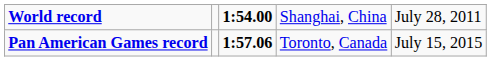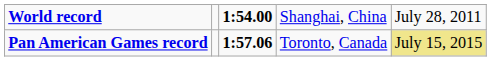 <table class="wikitable">
 <tr>
 <td><strong><a href='#'>World record</a></strong></td>
 <td></td>
 <td><strong>1:54.00</strong></td>
 <td><a href='#'>Shanghai</a>, <a href='#'>China</a></td>
 <td>July 28, 2011</td>
 </tr>
 <tr>
 <td><strong><a href='#'>Pan American Games record</a></strong></td>
 <td></td>
 <td><strong>1:57.06</strong></td>
 <td><a href='#'>Toronto</a>, <a href='#'>Canada</a></td>
-<td>July 15, 2015</td>
+<td style="background: khaki;">July 15, 2015</td>
 </tr>
 </table>
